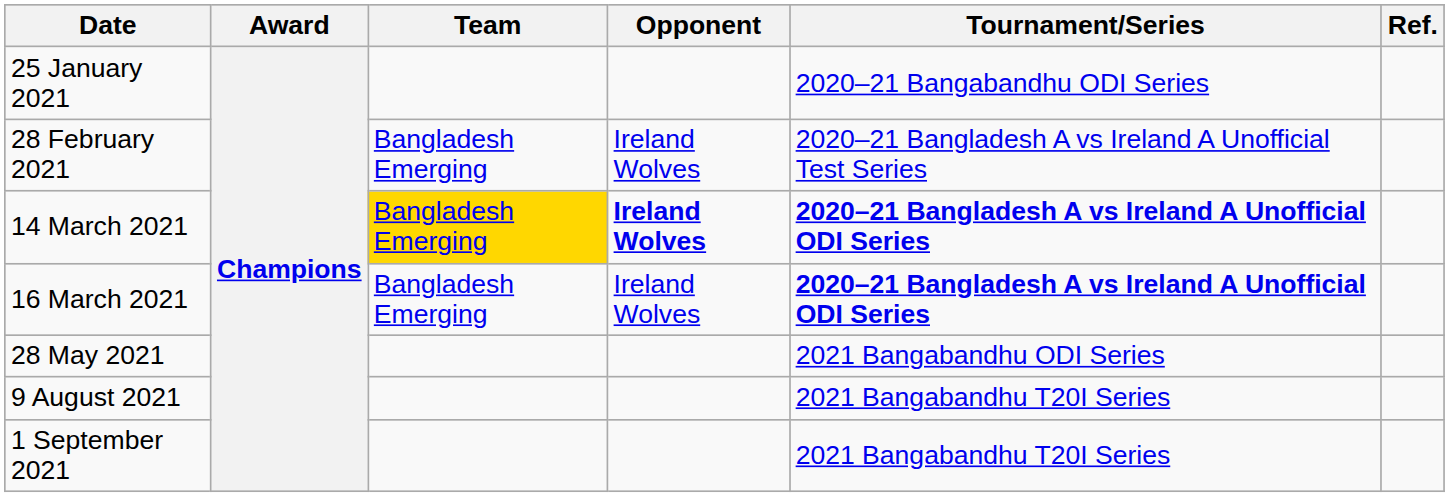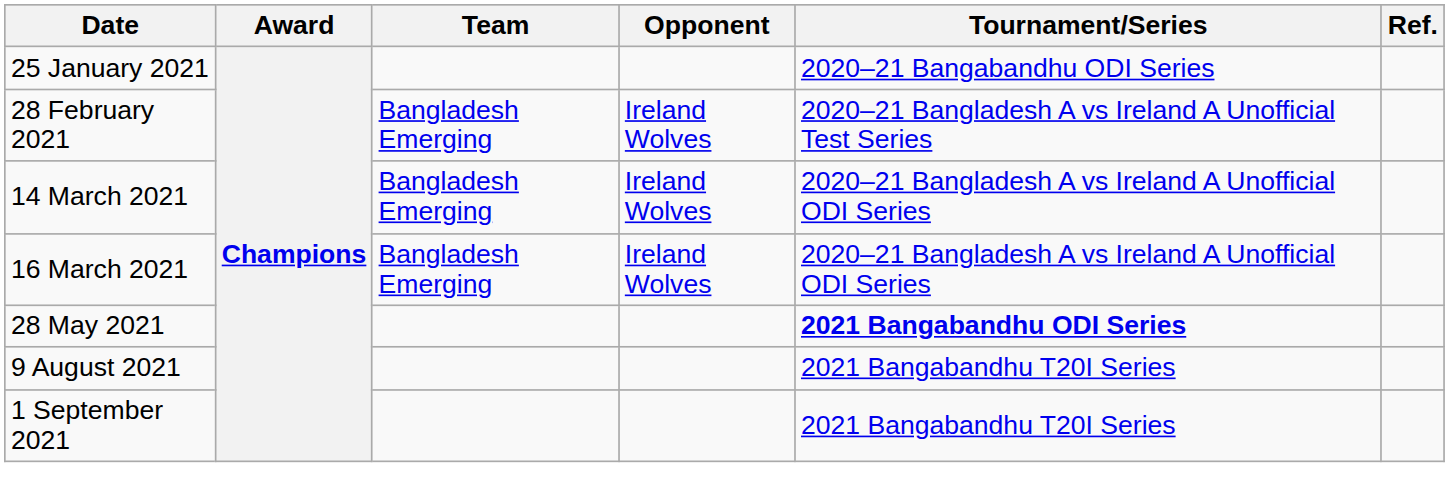 <table class="wikitable">
 <tr>
 <th>Date</th>
 <th>Award</th>
 <th>Team</th>
 <th>Opponent</th>
 <th>Tournament/Series</th>
 <th>Ref.</th>
 </tr>
 <tr>
 <td>25 January 2021</td>
 <th rowspan="7"><a href='#'>Champions</a></th>
 <td></td>
 <td></td>
 <td><a href='#'>2020–21 Bangabandhu ODI Series</a></td>
 <td></td>
 </tr>
 <tr>
 <td>28 February 2021</td>
 <td> <a href='#'>Bangladesh Emerging</a></td>
 <td> <a href='#'>Ireland Wolves</a></td>
 <td><a href='#'>2020–21 Bangladesh A vs Ireland A Unofficial Test Series</a></td>
 <td></td>
 </tr>
 <tr>
 <td>14 March 2021</td>
-<td style="background: gold;"> <a href='#'>Bangladesh Emerging</a></td>
-<td><strong> <a href='#'>Ireland Wolves</a></strong></td>
-<td><strong><a href='#'>2020–21 Bangladesh A vs Ireland A Unofficial ODI Series</a></strong></td>
+<td> <a href='#'>Bangladesh Emerging</a></td>
+<td> <a href='#'>Ireland Wolves</a></td>
+<td><a href='#'>2020–21 Bangladesh A vs Ireland A Unofficial ODI Series</a></td>
 <td></td>
 </tr>
 <tr>
 <td>16 March 2021</td>
 <td> <a href='#'>Bangladesh Emerging</a></td>
 <td> <a href='#'>Ireland Wolves</a></td>
-<td><strong><a href='#'>2020–21 Bangladesh A vs Ireland A Unofficial ODI Series</a></strong></td>
+<td><a href='#'>2020–21 Bangladesh A vs Ireland A Unofficial ODI Series</a></td>
 <td></td>
 </tr>
 <tr>
 <td>28 May 2021</td>
 <td></td>
 <td></td>
-<td><a href='#'>2021 Bangabandhu ODI Series</a></td>
+<td><strong><a href='#'>2021 Bangabandhu ODI Series</a></strong></td>
 <td></td>
 </tr>
 <tr>
 <td>9 August 2021</td>
 <td></td>
 <td></td>
 <td><a href='#'>2021 Bangabandhu T20I Series</a></td>
 <td></td>
 </tr>
 <tr>
 <td>1 September 2021</td>
 <td></td>
 <td></td>
 <td><a href='#'>2021 Bangabandhu T20I Series</a></td>
 <td></td>
 </tr>
 </table>
